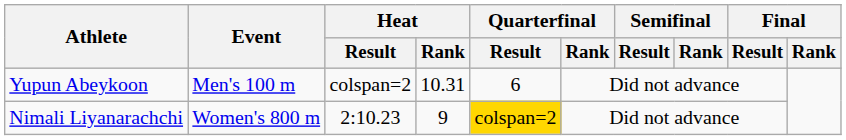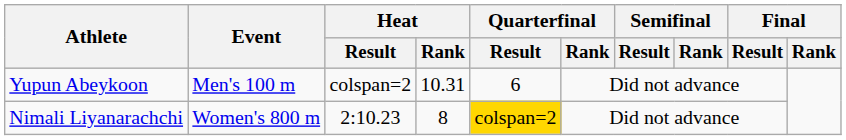 <table class="wikitable" style="font-size:90%">
 <tr>
 <th rowspan="2">Athlete</th>
 <th rowspan="2">Event</th>
 <th colspan="2">Heat</th>
 <th colspan="2">Quarterfinal</th>
 <th colspan="2">Semifinal</th>
 <th colspan="2">Final</th>
 </tr>
 <tr style="font-size:95%">
 <th>Result</th>
 <th>Rank</th>
 <th>Result</th>
 <th>Rank</th>
 <th>Result</th>
 <th>Rank</th>
 <th>Result</th>
 <th>Rank</th>
 </tr>
 <tr align=center>
 <td align=left><a href='#'>Yupun Abeykoon</a></td>
 <td align=left><a href='#'>Men's 100 m</a></td>
 <td>colspan=2 </td>
 <td>10.31</td>
 <td>6</td>
 <td colspan="4">Did not advance</td>
 </tr>
 <tr align=center>
 <td align=left><a href='#'>Nimali Liyanarachchi</a></td>
 <td align=left><a href='#'>Women's 800 m</a></td>
 <td>2:10.23</td>
-<td>9</td>
+<td>8</td>
 <td style="background: gold;">colspan=2 </td>
 <td colspan="4">Did not advance</td>
 </tr>
 </table>
